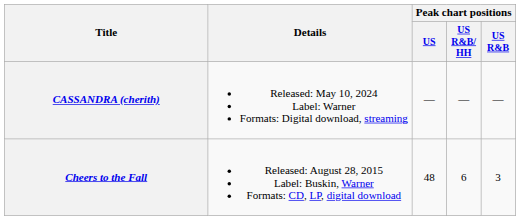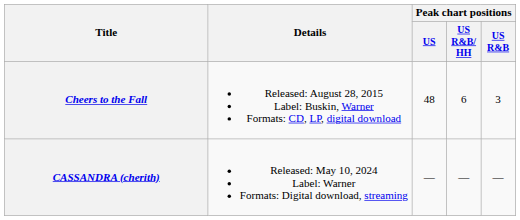 <table class="wikitable plainrowheaders" style="text-align:center;" border="1">
 <tr>
 <th scope="col" rowspan="2" style="width:18em;">Title</th>
 <th scope="col" rowspan="2" style="width:18em;">Details</th>
 <th scope="col" colspan="3">Peak chart positions</th>
 </tr>
 <tr>
 <th scope="col" style="width:3em;font-size:90%;"><a href='#'>US</a><br></th>
 <th scope="col" style="width:3em;font-size:90%;"><a href='#'>US<br>R&B/<br>HH</a><br></th>
 <th scope="col" style="width:3em;font-size:90%;"><a href='#'>US<br>R&B</a><br></th>
 </tr>
 <tr>
+<th scope="row"><em><a href='#'>Cheers to the Fall</a></em></th>
+<td><br><ul><li>Released: August 28, 2015</li><li>Label: Buskin, <a href='#'>Warner</a></li><li>Formats: <a href='#'>CD</a>, <a href='#'>LP</a>, <a href='#'>digital download</a></li></ul></td>
+<td>48</td>
+<td>6</td>
+<td>3</td>
+</tr>
+<tr>
 <th scope="row"><em><a href='#'>CASSANDRA (cherith)</a></em></th>
 <td><br><ul><li>Released: May 10, 2024</li><li>Label: Warner</li><li>Formats: Digital download, <a href='#'>streaming</a></li></ul></td>
 <td>—</td>
 <td>—</td>
 <td>—</td>
 </tr>
-<tr>
-<th scope="row"><em><a href='#'>Cheers to the Fall</a></em></th>
-<td><br><ul><li>Released: August 28, 2015</li><li>Label: Buskin, <a href='#'>Warner</a></li><li>Formats: <a href='#'>CD</a>, <a href='#'>LP</a>, <a href='#'>digital download</a></li></ul></td>
-<td>48</td>
-<td>6</td>
-<td>3</td>
-</tr>
 </table>
